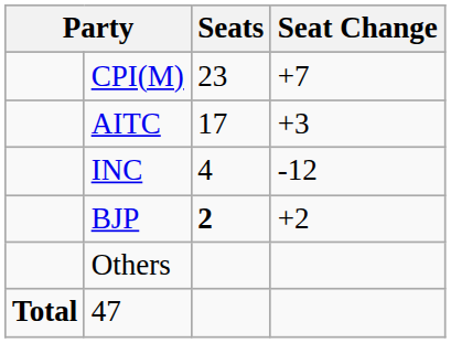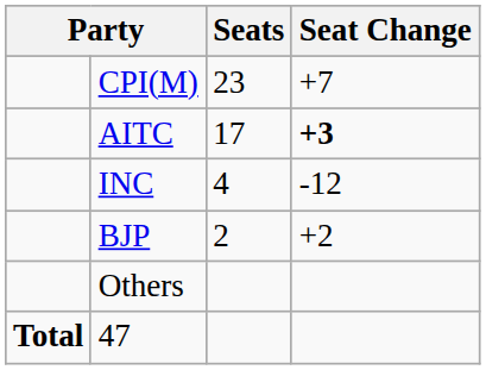 <table class="wikitable">
 <tr>
 <th colspan="2">Party</th>
 <th>Seats</th>
 <th>Seat Change</th>
 </tr>
 <tr>
 <td style="background-color: "></td>
 <td><a href='#'>CPI(M)</a></td>
 <td>23</td>
 <td>+7</td>
 </tr>
 <tr>
 <td style="background-color: "></td>
 <td><a href='#'>AITC</a></td>
 <td>17</td>
-<td>+3</td>
+<td><strong>+3</strong></td>
 </tr>
 <tr>
 <td style="background-color: "></td>
 <td><a href='#'>INC</a></td>
 <td>4</td>
 <td>-12</td>
 </tr>
 <tr>
 <td style="background-color: "></td>
 <td><a href='#'>BJP</a></td>
-<td><strong>2</strong></td>
+<td>2</td>
 <td>+2</td>
 </tr>
 <tr>
 <td style="background-color: "></td>
 <td>Others</td>
 <td></td>
 <td></td>
 </tr>
 <tr>
 <td><strong>Total</strong></td>
 <td>47</td>
 <td></td>
 <td></td>
 </tr>
 </table>
